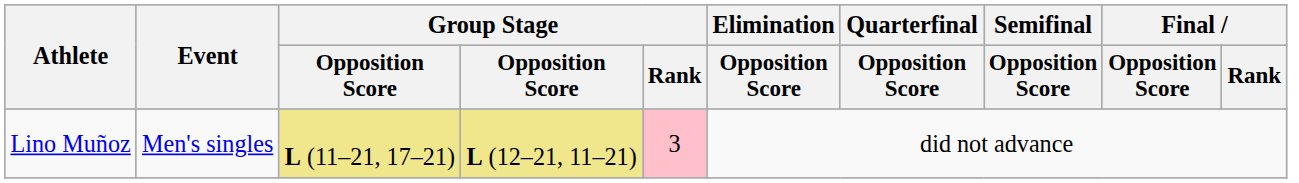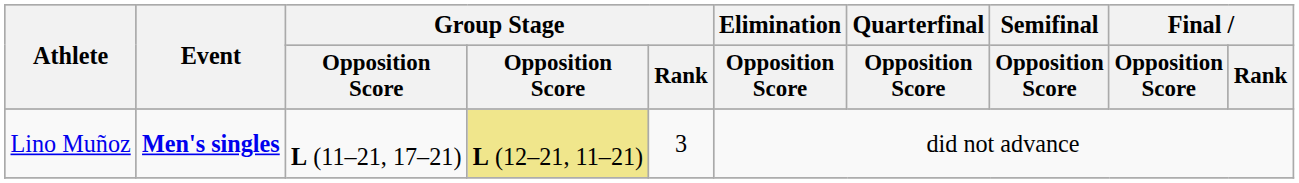 <table class="wikitable" style="font-size:90%">
 <tr>
 <th rowspan=2>Athlete</th>
 <th rowspan=2>Event</th>
 <th colspan=3>Group Stage</th>
 <th>Elimination</th>
 <th>Quarterfinal</th>
 <th>Semifinal</th>
 <th colspan=2>Final / </th>
 </tr>
 <tr style="font-size:95%">
 <th>Opposition<br>Score</th>
 <th>Opposition<br>Score</th>
 <th>Rank</th>
 <th>Opposition<br>Score</th>
 <th>Opposition<br>Score</th>
 <th>Opposition<br>Score</th>
 <th>Opposition<br>Score</th>
 <th>Rank</th>
 </tr>
 <tr align=center>
 <td align=left><a href='#'>Lino Muñoz</a></td>
-<td align=left><a href='#'>Men's singles</a></td>
-<td style="background: khaki;"><br><strong>L</strong> (11–21, 17–21)</td>
+<td align=left><strong><a href='#'>Men's singles</a></strong></td>
+<td><br><strong>L</strong> (11–21, 17–21)</td>
 <td style="background: khaki;"><br><strong>L</strong> (12–21, 11–21)</td>
-<td style="background: pink;">3</td>
+<td>3</td>
 <td colspan=5>did not advance</td>
 </tr>
 </table>
